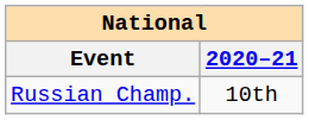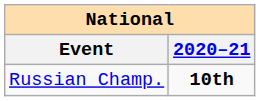 <table class="wikitable" style="text-align:center">
 <tr>
 <th colspan="2" style="background-color: #ffdead; " align="center">National</th>
 </tr>
 <tr>
 <th>Event</th>
 <th><a href='#'>2020–21</a></th>
 </tr>
 <tr>
 <td align=left><a href='#'>Russian Champ.</a></td>
-<td>10th</td>
+<td><strong>10th</strong></td>
 </tr>
 </table>
